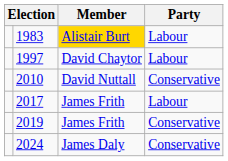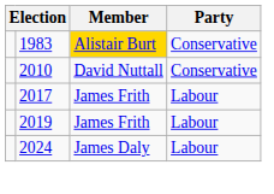 <table class="wikitable">
 <tr>
 <th colspan="2">Election</th>
 <th>Member</th>
 <th>Party</th>
 </tr>
 <tr>
 <td style="color:inherit;background-color: "></td>
 <td><a href='#'>1983</a></td>
 <td style="background: gold;"><a href='#'>Alistair Burt</a></td>
-<td><a href='#'>Labour</a></td>
-</tr>
-<tr>
-<td style="color:inherit;background-color: "></td>
-<td><a href='#'>1997</a></td>
-<td><a href='#'>David Chaytor</a></td>
-<td><a href='#'>Labour</a></td>
+<td><a href='#'>Conservative</a></td>
 </tr>
 <tr>
 <td style="color:inherit;background-color: "></td>
 <td><a href='#'>2010</a></td>
 <td><a href='#'>David Nuttall</a></td>
 <td><a href='#'>Conservative</a></td>
 </tr>
 <tr>
 <td style="color:inherit;background-color: "></td>
 <td><a href='#'>2017</a></td>
 <td><a href='#'>James Frith</a></td>
 <td><a href='#'>Labour</a></td>
 </tr>
 <tr>
 <td style="color:inherit;background-color: "></td>
 <td><a href='#'>2019</a></td>
 <td><a href='#'>James Frith</a></td>
-<td><a href='#'>Conservative</a></td>
+<td><a href='#'>Labour</a></td>
 </tr>
 <tr>
 <td style="color:inherit;background-color: "></td>
 <td><a href='#'>2024</a></td>
 <td><a href='#'>James Daly</a></td>
-<td><a href='#'>Conservative</a></td>
+<td><a href='#'>Labour</a></td>
 </tr>
 </table>
